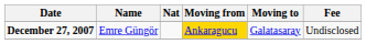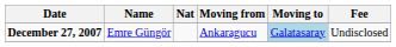 <table class="wikitable">
 <tr>
 <th>Date</th>
 <th>Name</th>
 <th>Nat</th>
 <th>Moving from</th>
 <th>Moving to</th>
 <th>Fee</th>
 </tr>
 <tr>
 </tr>
 <tr>
 <td><strong>December 27, 2007</strong></td>
 <td><a href='#'>Emre Güngör</a></td>
 <td></td>
-<td style="background: gold;"><a href='#'>Ankaragucu</a></td>
-<td><a href='#'>Galatasaray</a></td>
+<td><a href='#'>Ankaragucu</a></td>
+<td style="background: lightblue;"><a href='#'>Galatasaray</a></td>
 <td>Undisclosed</td>
 </tr>
 <tr>
 </tr>
 </table>
